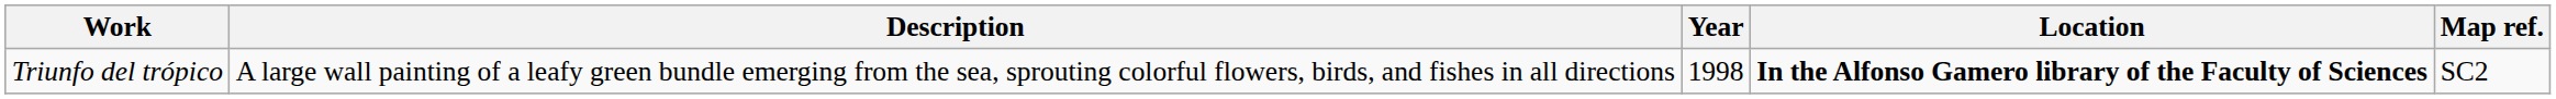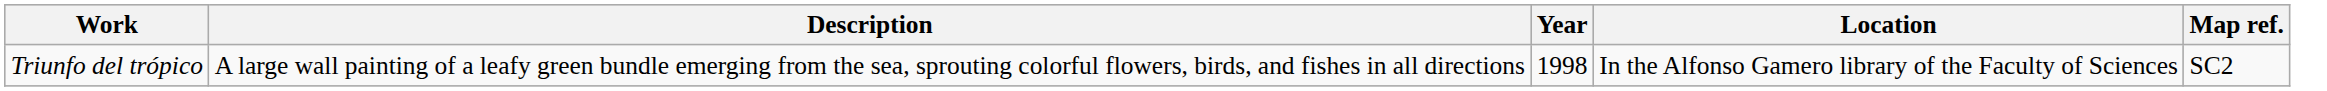 <table class="wikitable">
 <tr>
 <th>Work</th>
 <th>Description</th>
 <th>Year</th>
 <th>Location</th>
 <th>Map ref.</th>
 </tr>
 <tr>
 <td><em>Triunfo del trópico</em></td>
 <td>A large wall painting of a leafy green bundle emerging from the sea, sprouting colorful flowers, birds, and fishes in all directions</td>
 <td>1998</td>
-<td><strong>In the Alfonso Gamero library of the Faculty of Sciences</strong></td>
+<td>In the Alfonso Gamero library of the Faculty of Sciences</td>
 <td>SC2</td>
 </tr>
 </table>
